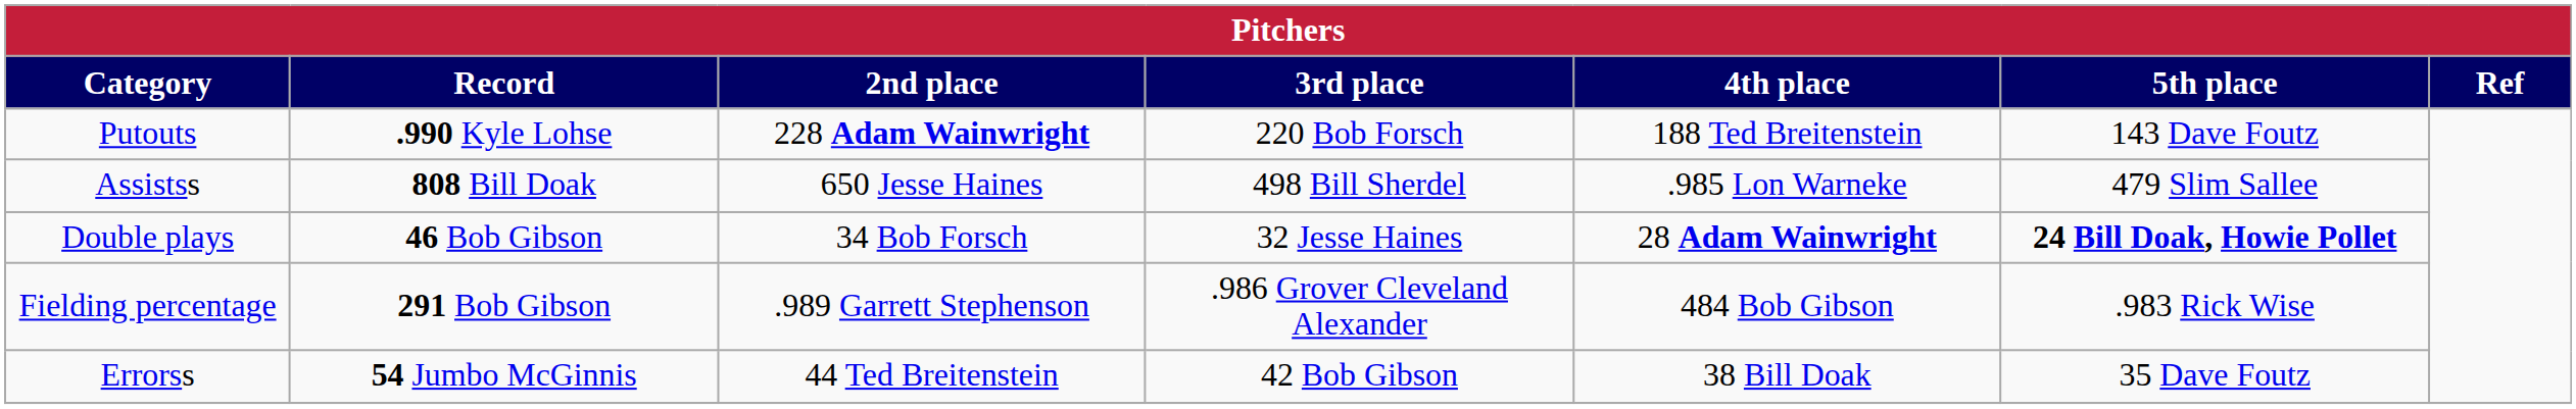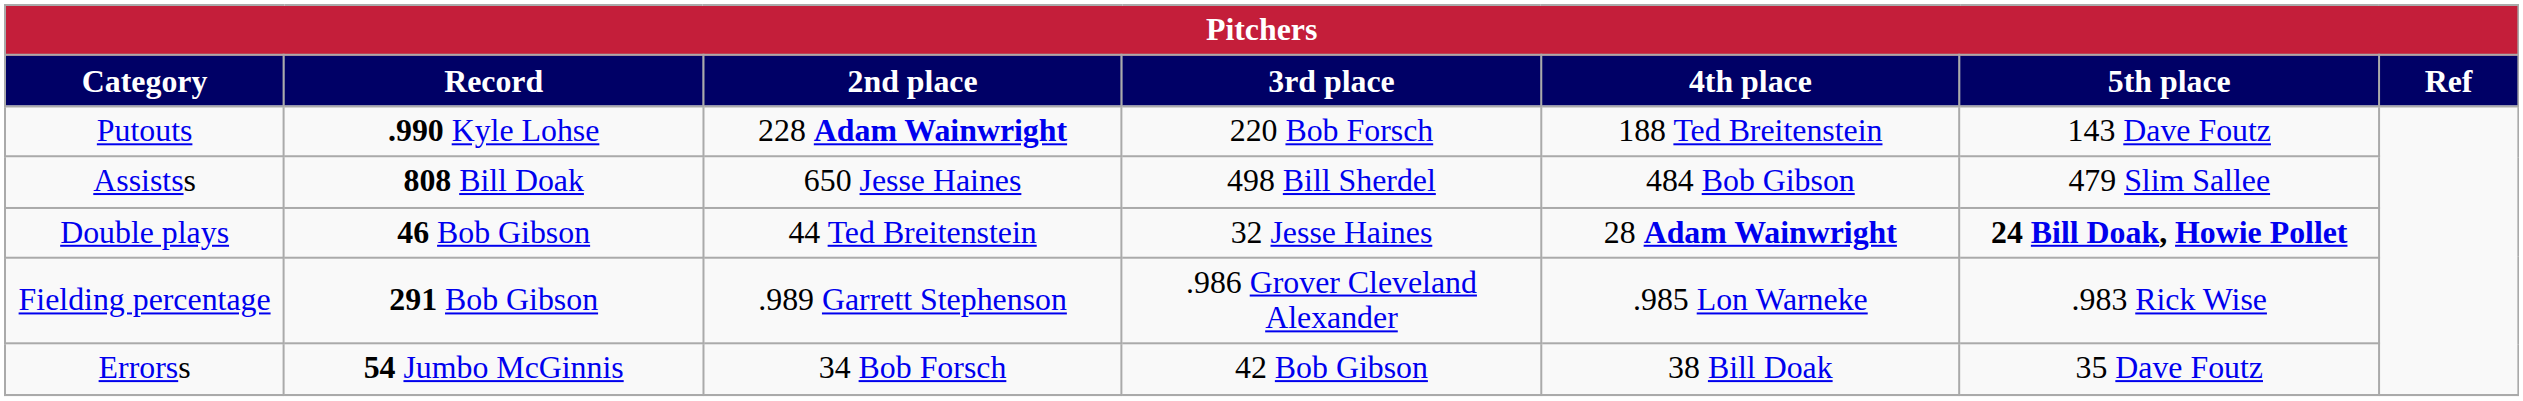 <table class="wikitable" style="text-align:center; width:100%">
 <tr>
 <th colspan=7 style="background:#C41E3A;color:#FFFFFF;">Pitchers</th>
 </tr>
 <tr>
 <th scope="col" width=10% style="background:#000066;color:#FFFFFF;">Category</th>
 <th scope="col" width=15% style="background:#000066;color:#FFFFFF;">Record</th>
 <th scope="col" width=15% style="background:#000066;color:#FFFFFF;">2nd place</th>
 <th scope="col" width=15% style="background:#000066;color:#FFFFFF;">3rd place</th>
 <th scope="col" width=15% style="background:#000066;color:#FFFFFF;">4th place</th>
 <th scope="col" width=15% style="background:#000066;color:#FFFFFF;">5th place</th>
 <th scope="col" width=5% style="background:#000066;color:#FFFFFF;">Ref</th>
 </tr>
 <tr>
 <td><a href='#'>Putouts</a></td>
 <td><strong>.990</strong> <a href='#'>Kyle Lohse</a></td>
 <td>228 <strong><a href='#'>Adam Wainwright</a></strong></td>
 <td>220 <a href='#'>Bob Forsch</a></td>
 <td>188 <a href='#'>Ted Breitenstein</a></td>
 <td>143 <a href='#'>Dave Foutz</a></td>
 <td rowspan="5" style="text-align: center;"></td>
 </tr>
 <tr>
 <td><a href='#'>Assists</a>s</td>
 <td><strong>808</strong> <a href='#'>Bill Doak</a></td>
 <td>650 <a href='#'>Jesse Haines</a></td>
 <td>498 <a href='#'>Bill Sherdel</a></td>
-<td>.985 <a href='#'>Lon Warneke</a></td>
+<td>484 <a href='#'>Bob Gibson</a></td>
 <td>479 <a href='#'>Slim Sallee</a></td>
 </tr>
 <tr>
 <td><a href='#'>Double plays</a></td>
 <td><strong>46</strong> <a href='#'>Bob Gibson</a></td>
-<td>34 <a href='#'>Bob Forsch</a></td>
+<td>44 <a href='#'>Ted Breitenstein</a></td>
 <td>32 <a href='#'>Jesse Haines</a></td>
 <td>28 <strong><a href='#'>Adam Wainwright</a></strong></td>
 <td><strong>24 <a href='#'>Bill Doak</a>, <a href='#'>Howie Pollet</a></strong></td>
 </tr>
 <tr>
 <td><a href='#'>Fielding percentage</a></td>
 <td><strong>291</strong> <a href='#'>Bob Gibson</a></td>
 <td>.989 <a href='#'>Garrett Stephenson</a></td>
 <td>.986 <a href='#'>Grover Cleveland Alexander</a></td>
-<td>484 <a href='#'>Bob Gibson</a></td>
+<td>.985 <a href='#'>Lon Warneke</a></td>
 <td>.983 <a href='#'>Rick Wise</a></td>
 </tr>
 <tr>
 <td><a href='#'>Errors</a>s</td>
 <td><strong>54</strong> <a href='#'>Jumbo McGinnis</a></td>
-<td>44 <a href='#'>Ted Breitenstein</a></td>
+<td>34 <a href='#'>Bob Forsch</a></td>
 <td>42 <a href='#'>Bob Gibson</a></td>
 <td>38 <a href='#'>Bill Doak</a></td>
 <td>35 <a href='#'>Dave Foutz</a></td>
 </tr>
 <tr>
 </tr>
 </table>
